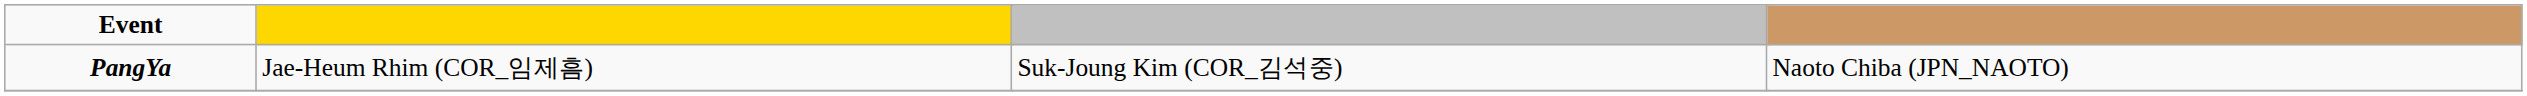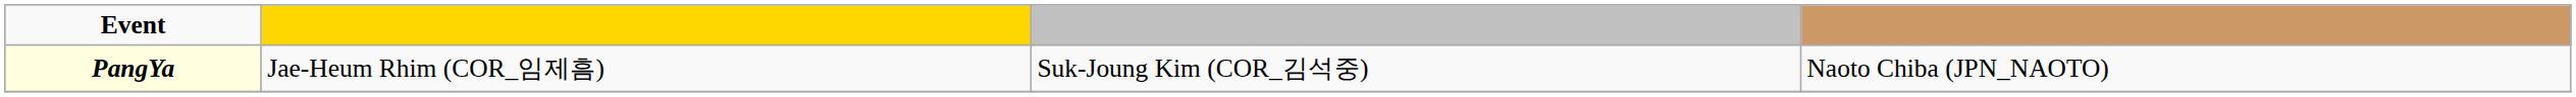 <table class="wikitable" width=100%>
 <tr>
 <td style="text-align:center"  width=10%><strong>Event</strong></td>
 <td colspan="2" style="text-align:center" bgcolor="gold" width=30%></td>
 <td colspan="2" style="text-align:center" bgcolor="silver" width=30%></td>
 <td colspan="2" style="text-align:center" bgcolor="CC9966" width=30%></td>
 </tr>
 <tr>
-<td style="text-align:center"><strong><em>PangYa</em></strong></td>
+<td style="background: lightyellow; text-align:center"><strong><em>PangYa</em></strong></td>
 <td colspan="2"> Jae-Heum Rhim (COR_임제흠)</td>
 <td colspan="2"> Suk-Joung Kim (COR_김석중)</td>
 <td colspan="2"> Naoto Chiba (JPN_NAOTO)</td>
 </tr>
 <tr>
 </tr>
 </table>
